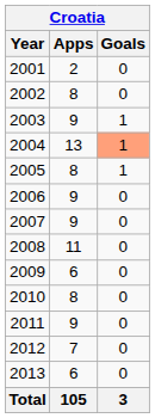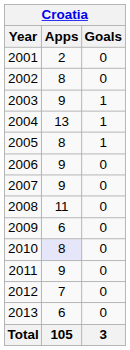 <table class="wikitable" style="text-align:center">
 <tr>
 <th colspan="3"><a href='#'>Croatia</a></th>
 </tr>
 <tr>
 <th>Year</th>
 <th>Apps</th>
 <th>Goals</th>
 </tr>
 <tr>
 <td>2001</td>
 <td>2</td>
 <td>0</td>
 </tr>
 <tr>
 <td>2002</td>
 <td>8</td>
 <td>0</td>
 </tr>
 <tr>
 <td>2003</td>
 <td>9</td>
 <td>1</td>
 </tr>
 <tr>
 <td>2004</td>
 <td>13</td>
-<td style="background: lightsalmon;">1</td>
+<td>1</td>
 </tr>
 <tr>
 <td>2005</td>
 <td>8</td>
 <td>1</td>
 </tr>
 <tr>
 <td>2006</td>
 <td>9</td>
 <td>0</td>
 </tr>
 <tr>
 <td>2007</td>
 <td>9</td>
 <td>0</td>
 </tr>
 <tr>
 <td>2008</td>
 <td>11</td>
 <td>0</td>
 </tr>
 <tr>
 <td>2009</td>
 <td>6</td>
 <td>0</td>
 </tr>
 <tr>
 <td>2010</td>
-<td>8</td>
+<td style="background: lavender;">8</td>
 <td>0</td>
 </tr>
 <tr>
 <td>2011</td>
 <td>9</td>
 <td>0</td>
 </tr>
 <tr>
 <td>2012</td>
 <td>7</td>
 <td>0</td>
 </tr>
 <tr>
 <td>2013</td>
 <td>6</td>
 <td>0</td>
 </tr>
 <tr>
 <th>Total</th>
 <th>105</th>
 <th>3</th>
 </tr>
 </table>
